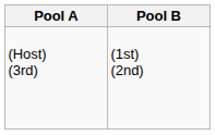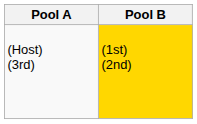 <table class="wikitable">
 <tr>
 <th width=25%>Pool A</th>
 <th width=25%>Pool B</th>
 </tr>
 <tr>
 <td><br> (Host)<br>  (3rd)<br> <br> <br> <br> </td>
-<td><br> (1st)<br>  (2nd)<br> <br> <br> <br> </td>
+<td style="background: gold;"><br> (1st)<br>  (2nd)<br> <br> <br> <br> </td>
 </tr>
 </table>
